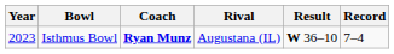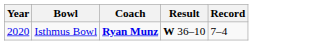 <table class="wikitable"; style= "text-align: ">
 <tr>
 <th width=px>Year</th>
 <th width=px>Bowl</th>
 <th width=px>Coach</th>
-<th width=px>Rival</th>
 <th width=px>Result</th>
 <th width=px>Record</th>
 </tr>
 <tr>
-<td><a href='#'>2023</a></td>
+<td><a href='#'>2020</a></td>
 <td><a href='#'>Isthmus Bowl</a></td>
 <td><strong><a href='#'>Ryan Munz</a></strong></td>
-<td><a href='#'>Augustana (IL)</a></td>
 <td><strong>W</strong> 36–10</td>
 <td>7–4</td>
 </tr>
 </table>
